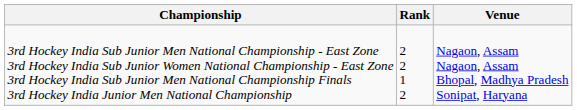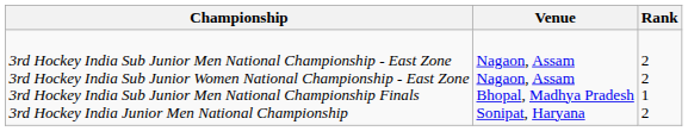 <table class="wikitable" style="text-align: left;">
 <tr>
 <th>Championship</th>
+<th>Venue</th>
 <th>Rank</th>
-<th>Venue</th>
 </tr>
 <tr>
 <td><br><em>3rd Hockey India Sub Junior Men National Championship - East Zone</em> <br> <em>3rd Hockey India Sub Junior Women National Championship - East Zone</em> <br> <em>3rd Hockey India Sub Junior Men National Championship Finals</em> <br> <em>3rd Hockey India Junior Men National Championship</em></td>
+<td><br><a href='#'>Nagaon</a>, <a href='#'>Assam</a><br> <a href='#'>Nagaon</a>, <a href='#'>Assam</a><br> <a href='#'>Bhopal</a>, <a href='#'>Madhya Pradesh</a><br> <a href='#'>Sonipat</a>, <a href='#'>Haryana</a><br></td>
 <td><div><br>2 <br> 2<br> 1<br> 2</div></td>
-<td><br><a href='#'>Nagaon</a>, <a href='#'>Assam</a><br> <a href='#'>Nagaon</a>, <a href='#'>Assam</a><br> <a href='#'>Bhopal</a>, <a href='#'>Madhya Pradesh</a><br> <a href='#'>Sonipat</a>, <a href='#'>Haryana</a><br></td>
 </tr>
 </table>
